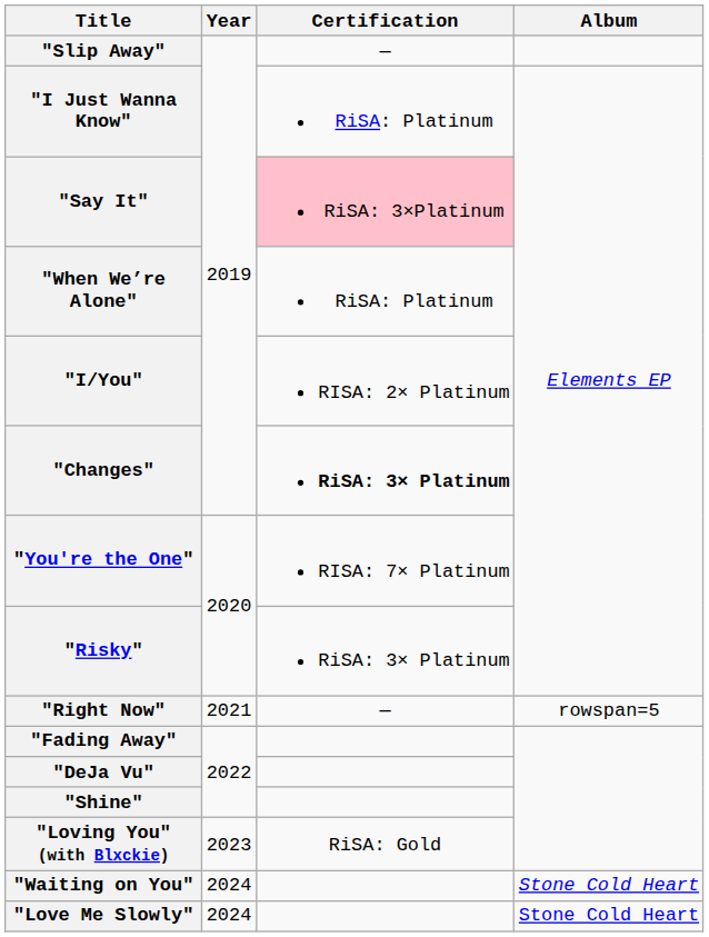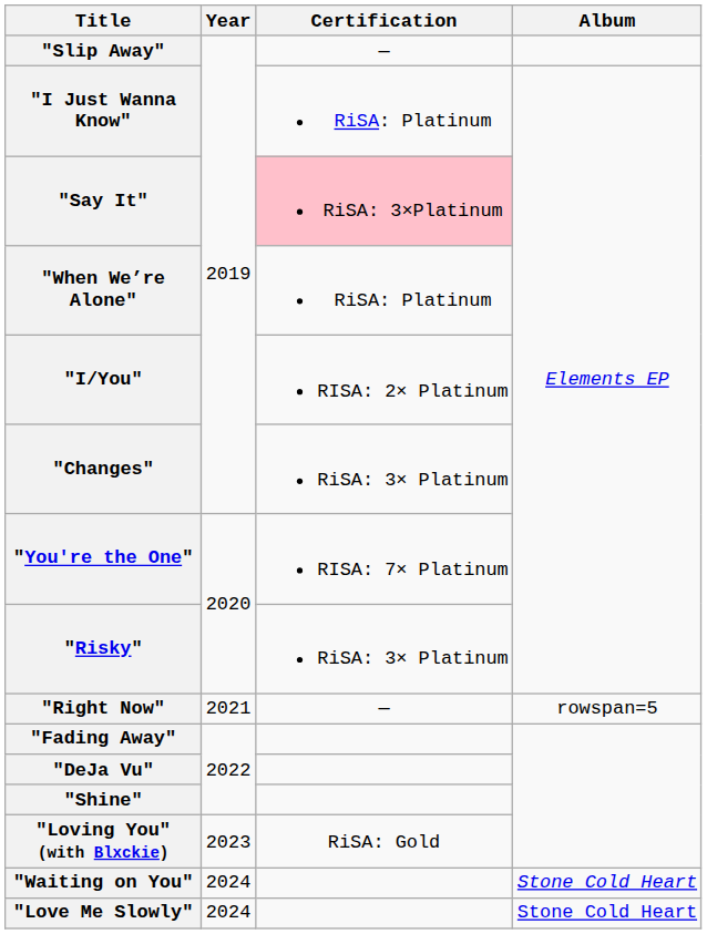 <table class="wikitable sortable plainrowheaders" style="text-align:center;">
 <tr>
 <th scope="col" style="width:10em;">Title</th>
 <th scope="col">Year</th>
 <th scope="col">Certification</th>
 <th scope="col">Album</th>
 </tr>
 <tr>
 <th scope="row">"Slip Away"</th>
 <td rowspan="6">2019</td>
 <td>—</td>
 <td></td>
 </tr>
 <tr>
 <th scope="row">"I Just Wanna Know"</th>
 <td><br><ul><li><a href='#'>RiSA</a>: Platinum</li></ul></td>
 <td rowspan="7"><em><a href='#'>Elements EP</a></em></td>
 </tr>
 <tr>
 <th scope="row">"Say It"</th>
 <td style="background: pink;"><br><ul><li>RiSA: 3×Platinum</li></ul></td>
 </tr>
 <tr>
 <th scope="row">"When We’re Alone"</th>
 <td><br><ul><li>RiSA: Platinum</li></ul></td>
 </tr>
 <tr>
 <th scope="row">"I/You"</th>
 <td><br><ul><li>RISA: 2× Platinum</li></ul></td>
 </tr>
 <tr>
 <th scope="row">"Changes"</th>
-<td><strong><br><ul><li>RiSA: 3× Platinum</li></ul></strong></td>
+<td><br><ul><li>RiSA: 3× Platinum</li></ul></td>
 </tr>
 <tr>
 <th scope="row">"<a href='#'>You're the One</a>"</th>
 <td rowspan="2">2020</td>
 <td><br><ul><li>RISA: 7× Platinum</li></ul></td>
 </tr>
 <tr>
 <th scope="row">"<a href='#'>Risky</a>"</th>
 <td><br><ul><li>RiSA: 3× Platinum</li></ul></td>
 </tr>
 <tr>
 <th scope="row">"Right Now"</th>
 <td>2021</td>
 <td>—</td>
 <td>rowspan=5 </td>
 </tr>
 <tr>
 <th scope="row">"Fading Away"</th>
 <td rowspan=3>2022</td>
 <td></td>
 </tr>
 <tr>
 <th scope="row">"DeJa Vu"</th>
 <td></td>
 </tr>
 <tr>
 <th scope="row">"Shine"</th>
 <td></td>
 </tr>
 <tr>
 <th scope="row">"Loving You" <small>(with <a href='#'>Blxckie</a>)</small></th>
 <td>2023</td>
 <td>RiSA: Gold</td>
 </tr>
 <tr>
 <th scope="row">"Waiting on You"</th>
 <td>2024</td>
 <td></td>
 <td><em><a href='#'>Stone Cold Heart</a></em></td>
 </tr>
 <tr>
 <th>"Love Me Slowly"</th>
 <td>2024</td>
 <td></td>
 <td><a href='#'>Stone Cold Heart</a></td>
 </tr>
 </table>
